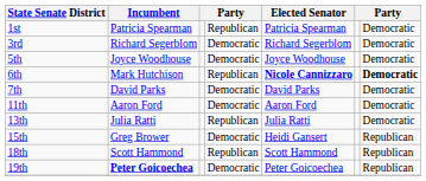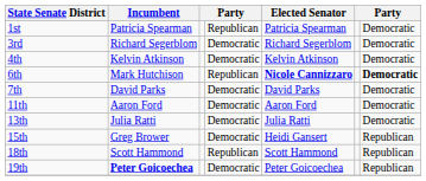 <table class="sortable wikitable" style="font-size:95%;line-height:14px;">
 <tr>
 <th class="sortable"><a href='#'>State Senate</a> District</th>
 <th class="unsortable"><a href='#'>Incumbent</a></th>
 <th colspan="2">Party</th>
 <th class="unsortable">Elected Senator</th>
 <th colspan="2">Party</th>
 </tr>
 <tr>
 <td><a href='#'>1st</a></td>
 <td><a href='#'>Patricia Spearman</a></td>
 <td style="background:"></td>
 <td>Republican</td>
 <td><a href='#'>Patricia Spearman</a></td>
 <td style="background:"></td>
 <td>Democratic</td>
 </tr>
 <tr>
 <td><a href='#'>3rd</a></td>
 <td><a href='#'>Richard Segerblom</a></td>
 <td style="background:"></td>
 <td>Democratic</td>
 <td><a href='#'>Richard Segerblom</a></td>
 <td style="background:"></td>
 <td>Democratic</td>
 </tr>
 <tr>
-<td><a href='#'>5th</a></td>
-<td><a href='#'>Joyce Woodhouse</a></td>
+<td><a href='#'>4th</a></td>
+<td><a href='#'>Kelvin Atkinson</a></td>
 <td style="background:"></td>
 <td>Democratic</td>
-<td><a href='#'>Joyce Woodhouse</a></td>
+<td><a href='#'>Kelvin Atkinson</a></td>
 <td style="background:"></td>
 <td>Democratic</td>
 </tr>
 <tr>
 <td><a href='#'>6th</a></td>
 <td><a href='#'>Mark Hutchison</a></td>
 <td style="background:"></td>
 <td>Republican</td>
 <td><strong><a href='#'>Nicole Cannizzaro</a></strong></td>
 <td style="background:"></td>
 <td><strong>Democratic</strong></td>
 </tr>
 <tr>
 <td><a href='#'>7th</a></td>
 <td><a href='#'>David Parks</a></td>
 <td style="background:"></td>
 <td>Democratic</td>
 <td><a href='#'>David Parks</a></td>
 <td style="background:"></td>
 <td>Democratic</td>
 </tr>
 <tr>
 <td><a href='#'>11th</a></td>
 <td><a href='#'>Aaron Ford</a></td>
 <td style="background:"></td>
 <td>Democratic</td>
 <td><a href='#'>Aaron Ford</a></td>
 <td style="background:"></td>
 <td>Democratic</td>
 </tr>
 <tr>
 <td><a href='#'>13th</a></td>
 <td><a href='#'>Julia Ratti</a></td>
 <td style="background:"></td>
-<td>Republican</td>
+<td>Democratic</td>
 <td><a href='#'>Julia Ratti</a></td>
 <td style="background:"></td>
 <td>Democratic</td>
 </tr>
 <tr>
 <td><a href='#'>15th</a></td>
 <td><a href='#'>Greg Brower</a></td>
 <td style="background:"></td>
 <td>Democratic</td>
 <td><a href='#'>Heidi Gansert</a></td>
 <td style="background:"></td>
 <td>Republican</td>
 </tr>
 <tr>
 <td><a href='#'>18th</a></td>
 <td><a href='#'>Scott Hammond</a></td>
 <td style="background:"></td>
 <td>Republican</td>
 <td><a href='#'>Scott Hammond</a></td>
 <td style="background:"></td>
 <td>Republican</td>
 </tr>
 <tr>
 <td><a href='#'>19th</a></td>
 <td><strong><a href='#'>Peter Goicoechea</a></strong></td>
 <td style="background:"></td>
 <td>Democratic</td>
 <td><a href='#'>Peter Goicoechea</a></td>
 <td style="background:"></td>
 <td>Republican</td>
 </tr>
 <tr>
 </tr>
 </table>
